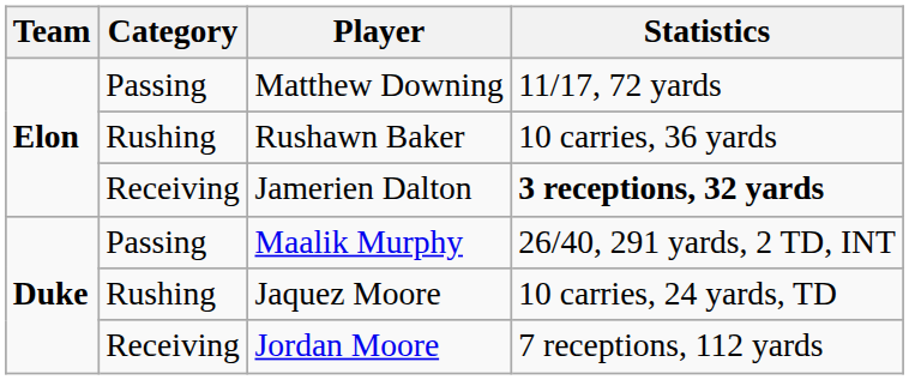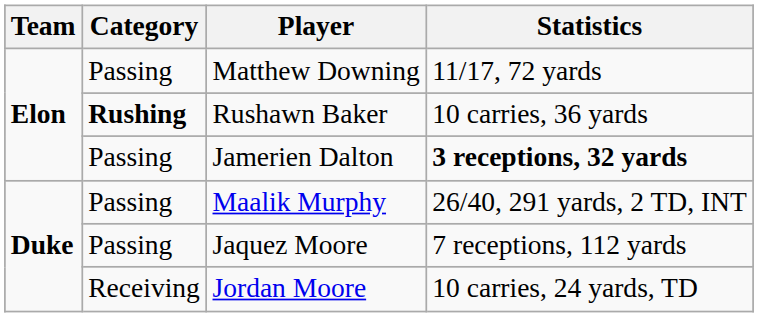 <table class="wikitable" style="float: right;">
 <tr>
 <th>Team</th>
 <th>Category</th>
 <th>Player</th>
 <th>Statistics</th>
 </tr>
 <tr>
 <td rowspan=3><strong>Elon</strong></td>
 <td>Passing</td>
 <td>Matthew Downing</td>
 <td>11/17, 72 yards</td>
 </tr>
 <tr>
-<td>Rushing</td>
+<td><strong>Rushing</strong></td>
 <td>Rushawn Baker</td>
 <td>10 carries, 36 yards</td>
 </tr>
 <tr>
-<td>Receiving</td>
+<td>Passing</td>
 <td>Jamerien Dalton</td>
 <td><strong>3 receptions, 32 yards</strong></td>
 </tr>
 <tr>
 <td rowspan=3><strong>Duke</strong></td>
 <td>Passing</td>
 <td><a href='#'>Maalik Murphy</a></td>
 <td>26/40, 291 yards, 2 TD, INT</td>
 </tr>
 <tr>
-<td>Rushing</td>
+<td>Passing</td>
 <td>Jaquez Moore</td>
-<td>10 carries, 24 yards, TD</td>
+<td>7 receptions, 112 yards</td>
 </tr>
 <tr>
 <td>Receiving</td>
 <td><a href='#'>Jordan Moore</a></td>
-<td>7 receptions, 112 yards</td>
+<td>10 carries, 24 yards, TD</td>
 </tr>
 </table>
